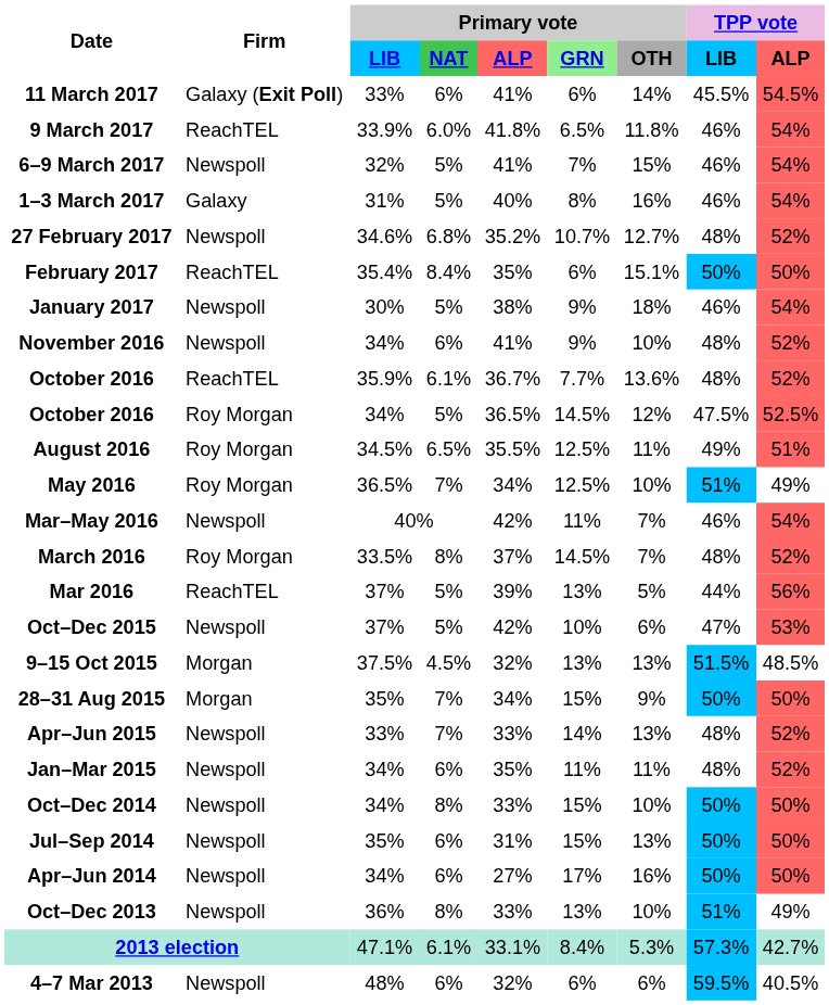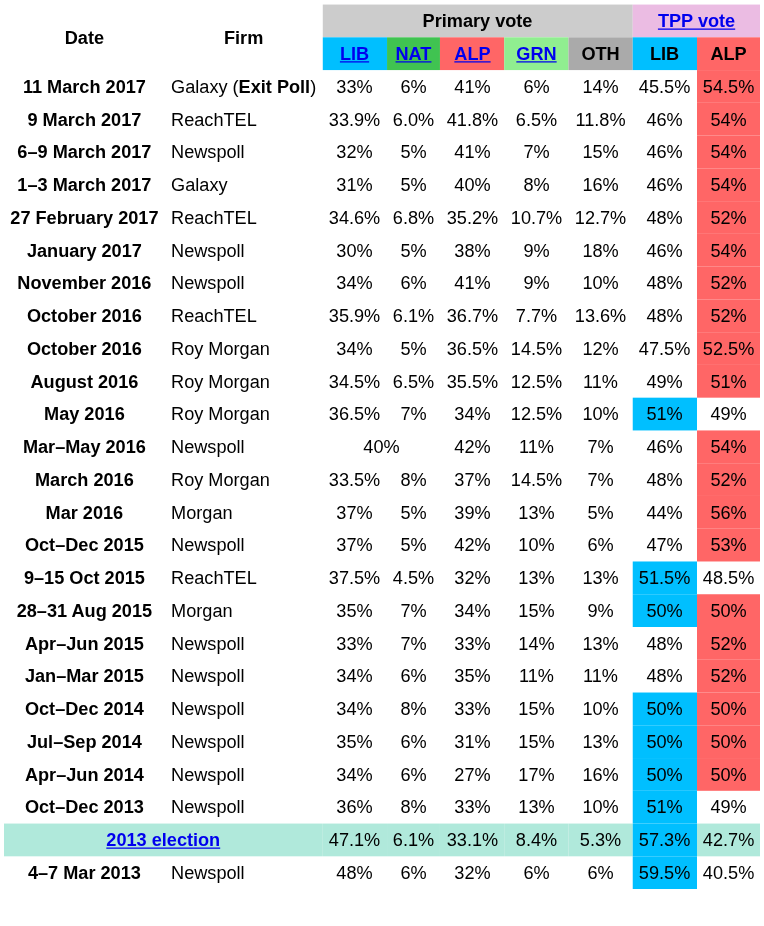 <table class="toccolours" cellpadding="5" cellspacing="0" style="float:left; margin-right:.5em; margin-top:.4em; font-size:90%;">
 <tr>
 </tr>
 <tr>
 <th style="background:#; text-align:center;" rowspan="2">Date</th>
 <th style="background:#; text-align:center;" rowspan="2">Firm</th>
 <th style="background:#ccc; text-align:center;" colspan="5">Primary vote</th>
 <th style="background:#ebbce3; text-align:center;" colspan="2"><a href='#'>TPP vote</a></th>
 </tr>
 <tr>
 <th style="background:#00bfff; text-align:center;"><a href='#'>LIB</a></th>
 <th style="background:#40c351; text-align:center;"><a href='#'>NAT</a></th>
 <th style="background:#f66; text-align:center;"><a href='#'>ALP</a></th>
 <th style="background:#90ee90; text-align:center;"><a href='#'>GRN</a></th>
 <th style="background:#aaa; text-align:center;">OTH</th>
 <th style="background:#00bfff; text-align:center;">LIB</th>
 <th style="background:#f66; text-align:center;">ALP</th>
 </tr>
 <tr>
 <th>11 March 2017</th>
 <td style="text-align:left;">Galaxy (<strong>Exit Poll</strong>)</td>
 <td style="text-align:center;">33%</td>
 <td style="text-align:center;">6%</td>
 <td style="text-align:center;">41%</td>
 <td style="text-align:center;">6%</td>
 <td style="text-align:center;">14%</td>
 <td style="text-align:center;">45.5%</td>
 <td style="background:#f66; text-align:center;">54.5%</td>
 </tr>
 <tr>
 <th>9 March 2017</th>
 <td style="text-align:left;">ReachTEL</td>
 <td style="text-align:center;">33.9%</td>
 <td style="text-align:center;">6.0%</td>
 <td style="text-align:center;">41.8%</td>
 <td style="text-align:center;">6.5%</td>
 <td style="text-align:center;">11.8%</td>
 <td style="text-align:center;">46%</td>
 <td style="background:#f66; text-align:center;">54%</td>
 </tr>
 <tr>
 <th>6–9 March 2017</th>
 <td style="text-align:left;">Newspoll</td>
 <td style="text-align:center;">32%</td>
 <td style="text-align:center;">5%</td>
 <td style="text-align:center;">41%</td>
 <td style="text-align:center;">7%</td>
 <td style="text-align:center;">15%</td>
 <td style="text-align:center;">46%</td>
 <td style="background:#f66; text-align:center;">54%</td>
 </tr>
 <tr>
 <th>1–3 March 2017</th>
 <td style="text-align:left;">Galaxy</td>
 <td style="text-align:center;">31%</td>
 <td style="text-align:center;">5%</td>
 <td style="text-align:center;">40%</td>
 <td style="text-align:center;">8%</td>
 <td style="text-align:center;">16%</td>
 <td style="text-align:center;">46%</td>
 <td style="background:#f66; text-align:center;">54%</td>
 </tr>
 <tr>
 <th>27 February 2017</th>
-<td bgcolor="">Newspoll</td>
+<td style="text-align:left;">ReachTEL</td>
 <td style="text-align:center;">34.6%</td>
 <td style="text-align:center;">6.8%</td>
 <td style="text-align:center;">35.2%</td>
 <td style="text-align:center;">10.7%</td>
 <td style="text-align:center;">12.7%</td>
 <td style="text-align:center;">48%</td>
 <td style="background:#f66; text-align:center;">52%</td>
-</tr>
-<tr>
-<th>February 2017</th>
-<td style="text-align:left;">ReachTEL</td>
-<td style="text-align:center;">35.4%</td>
-<td style="text-align:center;">8.4%</td>
-<td style="text-align:center;">35%</td>
-<td style="text-align:center;">6%</td>
-<td style="text-align:center;">15.1%</td>
-<td style="background:#00bfff; text-align:center;">50%</td>
-<td style="background:#f66; text-align:center;">50%</td>
 </tr>
 <tr>
 <th>January 2017</th>
 <td style="text-align:left;">Newspoll</td>
 <td style="text-align:center;">30%</td>
 <td style="text-align:center;">5%</td>
 <td style="text-align:center;">38%</td>
 <td style="text-align:center;">9%</td>
 <td style="text-align:center;">18%</td>
 <td style="text-align:center;">46%</td>
 <td style="background:#f66; text-align:center;">54%</td>
 </tr>
 <tr>
 <th>November 2016</th>
 <td style="text-align:left;">Newspoll</td>
 <td style="text-align:center;">34%</td>
 <td style="text-align:center;">6%</td>
 <td style="text-align:center;">41%</td>
 <td style="text-align:center;">9%</td>
 <td style="text-align:center;">10%</td>
 <td style="text-align:center;">48%</td>
 <td style="background:#f66; text-align:center;">52%</td>
 </tr>
 <tr>
 <th>October 2016</th>
 <td style="text-align:left;">ReachTEL</td>
 <td style="text-align:center;">35.9%</td>
 <td style="text-align:center;">6.1%</td>
 <td style="text-align:center;">36.7%</td>
 <td style="text-align:center;">7.7%</td>
 <td style="text-align:center;">13.6%</td>
 <td style="text-align:center;">48%</td>
 <td style="background:#f66; text-align:center;">52%</td>
 </tr>
 <tr>
 <th>October 2016</th>
 <td style="text-align:left;">Roy Morgan</td>
 <td style="text-align:center;">34%</td>
 <td style="text-align:center;">5%</td>
 <td style="text-align:center;">36.5%</td>
 <td style="text-align:center;">14.5%</td>
 <td style="text-align:center;">12%</td>
 <td style="text-align:center;">47.5%</td>
 <td style="background:#f66; text-align:center;">52.5%</td>
 </tr>
 <tr>
 <th>August 2016</th>
 <td style="text-align:left;">Roy Morgan</td>
 <td>34.5%</td>
 <td>6.5%</td>
 <td>35.5%</td>
 <td>12.5%</td>
 <td style="text-align:center;">11%</td>
 <td style="text-align:center;">49%</td>
 <td style="background:#f66; text-align:center;">51%</td>
 </tr>
 <tr>
 <th>May 2016</th>
 <td style="text-align:left">Roy Morgan</td>
 <td>36.5%</td>
 <td style="text-align:center;">7%</td>
 <td style="text-align:center;">34%</td>
 <td>12.5%</td>
 <td style="text-align:center;">10%</td>
 <td style="background:#00bfff; text-align:center">51%</td>
 <td style="text-align:center;">49%</td>
 </tr>
 <tr>
 <th style="text-align:center;" bgcolor="">Mar–May 2016</th>
 <td bgcolor="">Newspoll</td>
 <td style="text-align:center;" bgcolor="" colspan="2">40%</td>
 <td style="text-align:center;" bgcolor="">42%</td>
 <td style="text-align:center;" width="" bgcolor="">11%</td>
 <td style="text-align:center;" width="" bgcolor="">7%</td>
 <td style="text-align:center;">46%</td>
 <td width="" style="text-align:center; background:#f66;">54%</td>
 </tr>
 <tr>
 <th>March 2016</th>
 <td style="text-align:left">Roy Morgan</td>
 <td style="text-align:center;">33.5%</td>
 <td style="text-align:center;">8%</td>
 <td style="text-align:center;">37%</td>
 <td style="text-align:center;">14.5%</td>
 <td style="text-align:center;">7%</td>
 <td style="text-align:center;">48%</td>
 <td style="background:#f66; text-align:center;">52%</td>
 </tr>
 <tr>
 <th style="text-align:center;" bgcolor="">Mar 2016</th>
-<td bgcolor="">ReachTEL</td>
+<td bgcolor="">Morgan</td>
 <td style="text-align:center;" bgcolor="">37%</td>
 <td style="text-align:center;" width="" bgcolor="">5%</td>
 <td style="text-align:center;" bgcolor="">39%</td>
 <td style="text-align:center;" width="" bgcolor="">13%</td>
 <td style="text-align:center;" width="" bgcolor="">5%</td>
 <td style="text-align:center;">44%</td>
 <td width="" style="text-align:center; background:#f66;">56%</td>
 </tr>
 <tr>
 <th style="text-align:center;" bgcolor="">Oct–Dec 2015</th>
 <td bgcolor="">Newspoll</td>
 <td style="text-align:center;" bgcolor="">37%</td>
 <td style="text-align:center;" width="" bgcolor="">5%</td>
 <td style="text-align:center;" bgcolor="">42%</td>
 <td style="text-align:center;" width="" bgcolor="">10%</td>
 <td style="text-align:center;" width="" bgcolor="">6%</td>
 <td style="text-align:center;">47%</td>
 <td width="" style="text-align:center; background:#f66;">53%</td>
 </tr>
 <tr>
 <th style="text-align:center;" bgcolor="">9–15 Oct 2015</th>
-<td bgcolor="">Morgan</td>
+<td bgcolor="">ReachTEL</td>
 <td style="text-align:center;" bgcolor="">37.5%</td>
 <td style="text-align:center;" width="" bgcolor="">4.5%</td>
 <td style="text-align:center;" bgcolor="">32%</td>
 <td style="text-align:center;" width="" bgcolor="">13%</td>
 <td style="text-align:center;" width="" bgcolor="">13%</td>
 <td style="background:#00bfff; text-align:center;">51.5%</td>
 <td style="text-align:center;">48.5%</td>
 </tr>
 <tr>
 <th style="text-align:center;" bgcolor="">28–31 Aug 2015</th>
 <td bgcolor="">Morgan</td>
 <td style="text-align:center;" bgcolor="">35%</td>
 <td style="text-align:center;" width="" bgcolor="">7%</td>
 <td style="text-align:center;" bgcolor="">34%</td>
 <td style="text-align:center;" width="" bgcolor="">15%</td>
 <td style="text-align:center;" width="" bgcolor="">9%</td>
 <td style="background:#00bfff; text-align:center;">50%</td>
 <td style="background:#f66; text-align:center;">50%</td>
 </tr>
 <tr>
 <th style="text-align:center;" bgcolor="">Apr–Jun 2015</th>
 <td bgcolor="">Newspoll</td>
 <td style="text-align:center;" bgcolor="">33%</td>
 <td style="text-align:center;" width="" bgcolor="">7%</td>
 <td style="text-align:center;" bgcolor="">33%</td>
 <td style="text-align:center;" width="" bgcolor="">14%</td>
 <td style="text-align:center;" width="" bgcolor="">13%</td>
 <td style="text-align:center;">48%</td>
 <td width="" style="text-align:center; background:#f66;">52%</td>
 </tr>
 <tr>
 <th style="text-align:center;" bgcolor="">Jan–Mar 2015</th>
 <td bgcolor="">Newspoll</td>
 <td style="text-align:center;" bgcolor="">34%</td>
 <td style="text-align:center;" width="" bgcolor="">6%</td>
 <td style="text-align:center;" bgcolor="">35%</td>
 <td style="text-align:center;" width="" bgcolor="">11%</td>
 <td style="text-align:center;" width="" bgcolor="">11%</td>
 <td style="text-align:center;">48%</td>
 <td width="" style="text-align:center; background:#f66;">52%</td>
 </tr>
 <tr>
 <th style="text-align:center;" bgcolor="">Oct–Dec 2014</th>
 <td bgcolor="">Newspoll</td>
 <td style="text-align:center;" bgcolor="">34%</td>
 <td style="text-align:center;" width="" bgcolor="">8%</td>
 <td style="text-align:center;" bgcolor="">33%</td>
 <td style="text-align:center;" width="" bgcolor="">15%</td>
 <td style="text-align:center;" width="" bgcolor="">10%</td>
 <td style="background:#00bfff; text-align:center;">50%</td>
 <td style="background:#f66; text-align:center;">50%</td>
 </tr>
 <tr>
 <th style="text-align:center;" bgcolor="">Jul–Sep 2014</th>
 <td bgcolor="">Newspoll</td>
 <td style="text-align:center;" bgcolor="">35%</td>
 <td style="text-align:center;" width="" bgcolor="">6%</td>
 <td style="text-align:center;" bgcolor="">31%</td>
 <td style="text-align:center;" width="" bgcolor="">15%</td>
 <td style="text-align:center;" width="" bgcolor="">13%</td>
 <td style="background:#00bfff; text-align:center;">50%</td>
 <td style="background:#f66; text-align:center;">50%</td>
 </tr>
 <tr>
 <th style="text-align:center;" bgcolor="">Apr–Jun 2014</th>
 <td bgcolor="">Newspoll</td>
 <td style="text-align:center;" bgcolor="">34%</td>
 <td style="text-align:center;" width="" bgcolor="">6%</td>
 <td style="text-align:center;" bgcolor="">27%</td>
 <td style="text-align:center;" width="" bgcolor="">17%</td>
 <td style="text-align:center;" width="" bgcolor="">16%</td>
 <td style="background:#00bfff; text-align:center;">50%</td>
 <td style="background:#f66; text-align:center;">50%</td>
 </tr>
 <tr>
 <th style="text-align:center;" bgcolor="">Oct–Dec 2013</th>
 <td bgcolor="">Newspoll</td>
 <td style="text-align:center;" bgcolor="">36%</td>
 <td style="text-align:center;" width="" bgcolor="">8%</td>
 <td style="text-align:center;" bgcolor="">33%</td>
 <td style="text-align:center;" width="" bgcolor="">13%</td>
 <td style="text-align:center;" width="" bgcolor="">10%</td>
 <td width="" style="text-align:center; background:#00bfff;">51%</td>
 <td style="text-align:center;">49%</td>
 </tr>
 <tr>
 <th style="text-align:center; background:#b0e9db;" colspan="2"><strong><a href='#'>2013 election</a></strong></th>
 <td style="text-align:center; background:#b0e9db;">47.1%</td>
 <td width="" style="text-align:center; background:#b0e9db;">6.1%</td>
 <td style="text-align:center; background:#b0e9db;">33.1%</td>
 <td width="" style="text-align:center; background:#b0e9db;">8.4%</td>
 <td width="" style="text-align:center; background:#b0e9db;">5.3%</td>
 <td width="" style="text-align:center; background:#00bfff;">57.3%</td>
 <td width="" style="text-align:center; background:#b0e9db;">42.7%</td>
 </tr>
 <tr>
 <th style="text-align:center;" bgcolor="">4–7 Mar 2013</th>
 <td bgcolor="">Newspoll</td>
 <td style="text-align:center;" bgcolor="">48%</td>
 <td style="text-align:center;" width="" bgcolor="">6%</td>
 <td style="text-align:center;" bgcolor="">32%</td>
 <td style="text-align:center;" width="" bgcolor="">6%</td>
 <td style="text-align:center;" width="" bgcolor="">6%</td>
 <td width="" style="text-align:center; background:#00bfff;">59.5%</td>
 <td style="text-align:center;">40.5%</td>
 </tr>
 </table>
